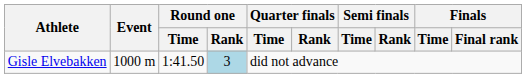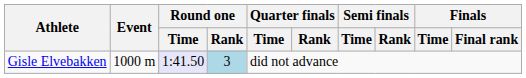 <table class="wikitable" style="font-size:90%">
 <tr>
 <th rowspan="2">Athlete</th>
 <th rowspan="2">Event</th>
 <th colspan="2">Round one</th>
 <th colspan="2">Quarter finals</th>
 <th colspan="2">Semi finals</th>
 <th colspan="2">Finals</th>
 </tr>
 <tr>
 <th>Time</th>
 <th>Rank</th>
 <th>Time</th>
 <th>Rank</th>
 <th>Time</th>
 <th>Rank</th>
 <th>Time</th>
 <th>Final rank</th>
 </tr>
 <tr>
 <td><a href='#'>Gisle Elvebakken</a></td>
 <td>1000 m</td>
-<td align="center">1:41.50</td>
+<td align="center" style="background: lavender;">1:41.50</td>
 <td align="center" style="background: lightblue;">3</td>
 <td colspan="6">did not advance</td>
 </tr>
 </table>
